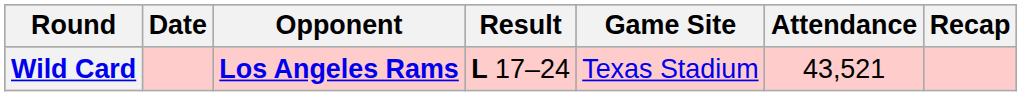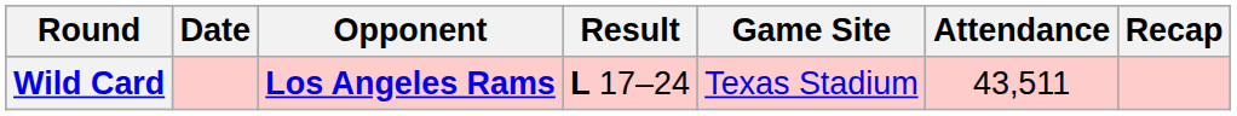 <table class="wikitable" style="text-align:center">
 <tr>
 <th>Round</th>
 <th>Date</th>
 <th>Opponent</th>
 <th>Result</th>
 <th>Game Site</th>
 <th>Attendance</th>
 <th>Recap</th>
 </tr>
 <tr style="background: #fcc">
 <th><a href='#'>Wild Card</a></th>
 <td></td>
 <td><strong><a href='#'>Los Angeles Rams</a></strong></td>
 <td><strong>L</strong> 17–24</td>
 <td><a href='#'>Texas Stadium</a></td>
-<td>43,521</td>
+<td>43,511</td>
 <td></td>
 </tr>
 </table>
